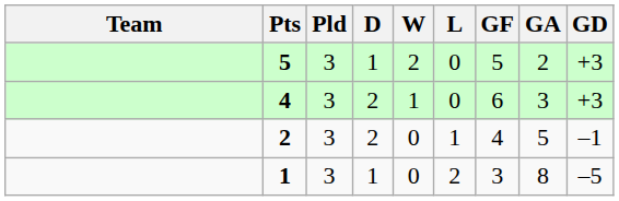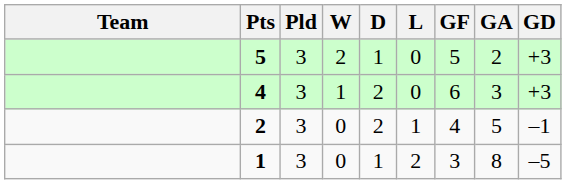 <table class=wikitable style="text-align:center">
 <tr>
 <th width=165>Team</th>
 <th width=20>Pts</th>
 <th width=20>Pld</th>
+<th width=20>W</th>
 <th width=20>D</th>
-<th width=20>W</th>
 <th width=20>L</th>
 <th width=20>GF</th>
 <th width=20>GA</th>
 <th width=20>GD</th>
 </tr>
 <tr align=center style="background:#ccffcc;">
 <td style="text-align:left;"></td>
 <td><strong>5</strong></td>
 <td>3</td>
+<td>2</td>
 <td>1</td>
-<td>2</td>
 <td>0</td>
 <td>5</td>
 <td>2</td>
 <td>+3</td>
 </tr>
 <tr align=center style="background:#ccffcc;">
 <td style="text-align:left;"></td>
 <td><strong>4</strong></td>
 <td>3</td>
+<td>1</td>
 <td>2</td>
-<td>1</td>
 <td>0</td>
 <td>6</td>
 <td>3</td>
 <td>+3</td>
 </tr>
 <tr align=center>
 <td style="text-align:left;"></td>
 <td><strong>2</strong></td>
 <td>3</td>
+<td>0</td>
 <td>2</td>
-<td>0</td>
 <td>1</td>
 <td>4</td>
 <td>5</td>
 <td>–1</td>
 </tr>
 <tr align=center>
 <td style="text-align:left;"></td>
 <td><strong>1</strong></td>
 <td>3</td>
+<td>0</td>
 <td>1</td>
-<td>0</td>
 <td>2</td>
 <td>3</td>
 <td>8</td>
 <td>–5</td>
 </tr>
 </table>
